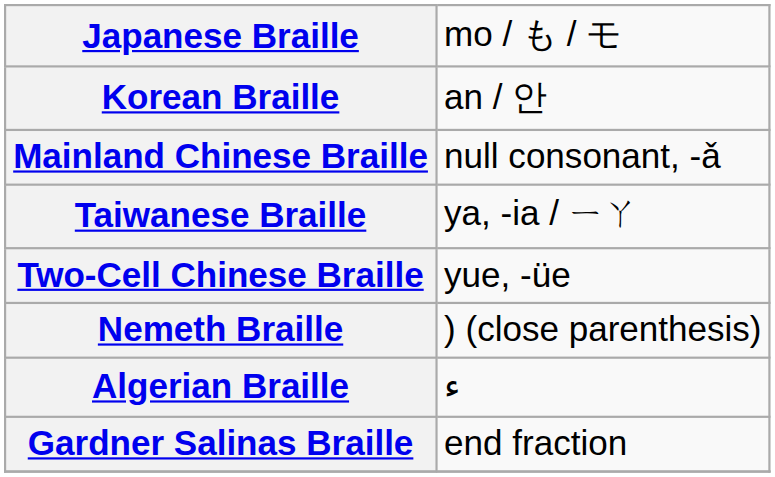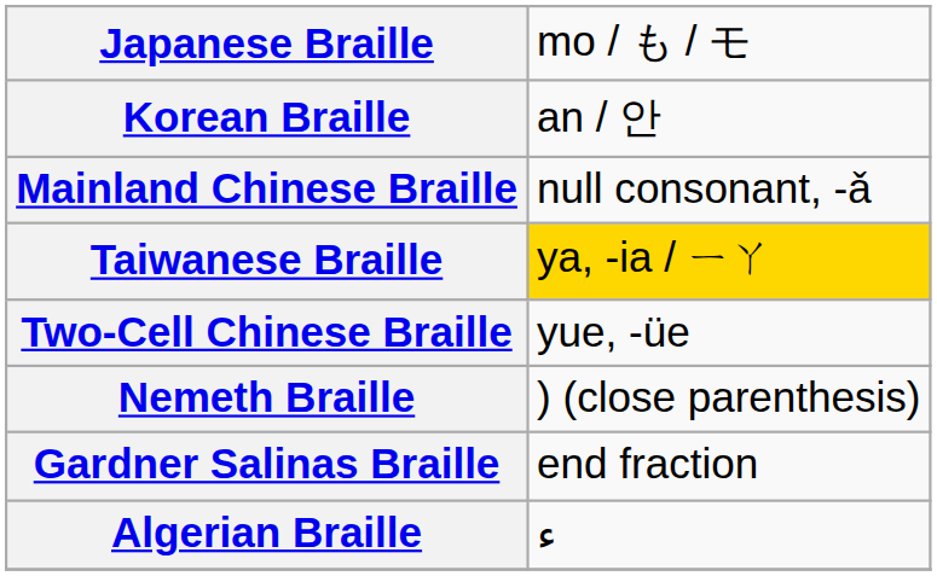 <table class="wikitable">
 <tr>
 <th align=left><a href='#'>Japanese Braille</a></th>
 <td>mo / も / モ </td>
 </tr>
 <tr>
 <th align=left><a href='#'>Korean Braille</a></th>
 <td>an / 안 </td>
 </tr>
 <tr>
 <th align=left><a href='#'>Mainland Chinese Braille</a></th>
 <td>null consonant, -ǎ</td>
 </tr>
 <tr>
 <th align=left><a href='#'>Taiwanese Braille</a></th>
-<td>ya, -ia / ㄧㄚ</td>
+<td style="background: gold;">ya, -ia / ㄧㄚ</td>
 </tr>
 <tr>
 <th align=left><a href='#'>Two-Cell Chinese Braille</a></th>
 <td>yue, -üe </td>
 </tr>
 <tr>
 <th align=left><a href='#'>Nemeth Braille</a></th>
 <td>) (close parenthesis) </td>
 </tr>
 <tr>
+<th align=left><a href='#'>Gardner Salinas Braille</a></th>
+<td>end fraction </td>
+</tr>
+<tr>
 <th align=left><a href='#'>Algerian Braille</a></th>
 <td>ء ‎</td>
 </tr>
 <tr>
-<th align=left><a href='#'>Gardner Salinas Braille</a></th>
-<td>end fraction </td>
-</tr>
-<tr>
 </tr>
 </table>
